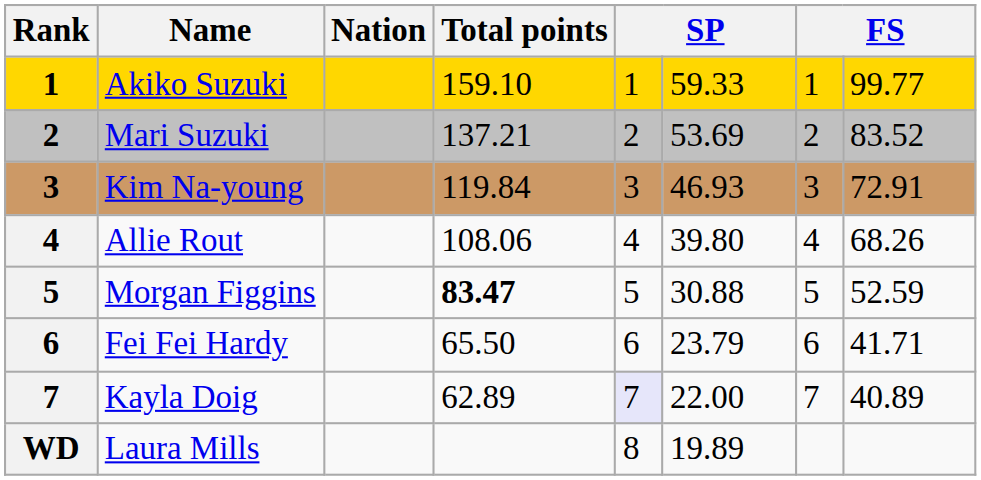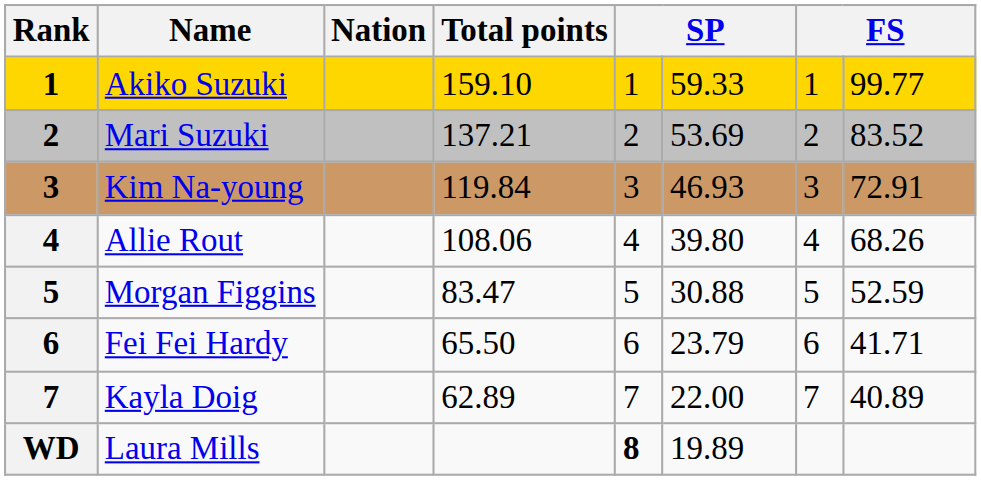 <table class="wikitable sortable">
 <tr>
 <th>Rank</th>
 <th>Name</th>
 <th>Nation</th>
 <th>Total points</th>
 <th colspan="2" width="80px"><a href='#'>SP</a></th>
 <th colspan="2" width="80px"><a href='#'>FS</a></th>
 </tr>
 <tr bgcolor="gold">
 <td align="center"><strong>1</strong></td>
 <td><a href='#'>Akiko Suzuki</a></td>
 <td></td>
 <td>159.10</td>
 <td>1</td>
 <td>59.33</td>
 <td>1</td>
 <td>99.77</td>
 </tr>
 <tr bgcolor="silver">
 <td align="center"><strong>2</strong></td>
 <td><a href='#'>Mari Suzuki</a></td>
 <td></td>
 <td>137.21</td>
 <td>2</td>
 <td>53.69</td>
 <td>2</td>
 <td>83.52</td>
 </tr>
 <tr bgcolor="cc9966">
 <td align="center"><strong>3</strong></td>
 <td><a href='#'>Kim Na-young</a></td>
 <td></td>
 <td>119.84</td>
 <td>3</td>
 <td>46.93</td>
 <td>3</td>
 <td>72.91</td>
 </tr>
 <tr>
 <th>4</th>
 <td><a href='#'>Allie Rout</a></td>
 <td></td>
 <td>108.06</td>
 <td>4</td>
 <td>39.80</td>
 <td>4</td>
 <td>68.26</td>
 </tr>
 <tr>
 <th>5</th>
 <td><a href='#'>Morgan Figgins</a></td>
 <td></td>
-<td><strong>83.47</strong></td>
+<td>83.47</td>
 <td>5</td>
 <td>30.88</td>
 <td>5</td>
 <td>52.59</td>
 </tr>
 <tr>
 <th>6</th>
 <td><a href='#'>Fei Fei Hardy</a></td>
 <td></td>
 <td>65.50</td>
 <td>6</td>
 <td>23.79</td>
 <td>6</td>
 <td>41.71</td>
 </tr>
 <tr>
 <th>7</th>
 <td><a href='#'>Kayla Doig</a></td>
 <td></td>
 <td>62.89</td>
-<td style="background: lavender;">7</td>
+<td>7</td>
 <td>22.00</td>
 <td>7</td>
 <td>40.89</td>
 </tr>
 <tr>
 <th>WD</th>
 <td><a href='#'>Laura Mills</a></td>
 <td></td>
 <td></td>
-<td>8</td>
+<td><strong>8</strong></td>
 <td>19.89</td>
 <td></td>
 <td></td>
 </tr>
 </table>
